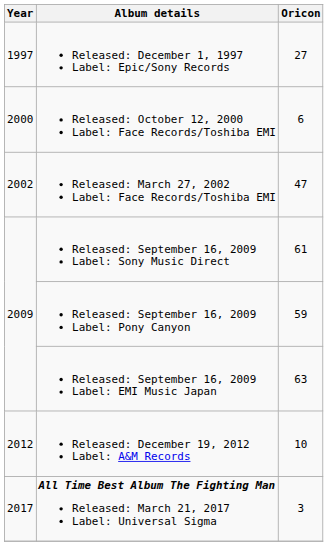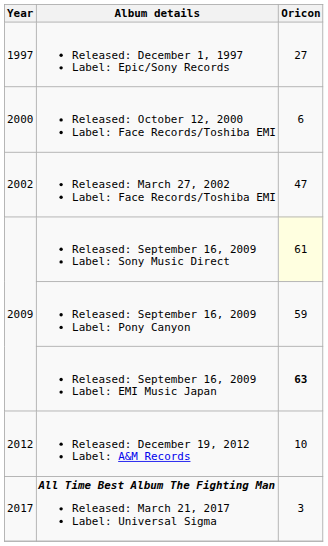 <table class="wikitable">
 <tr>
 <th>Year</th>
 <th>Album details</th>
 <th>Oricon</th>
 </tr>
 <tr>
 <td>1997</td>
 <td><br><ul><li>Released: December 1, 1997</li><li>Label: Epic/Sony Records</li></ul></td>
 <td align="center">27</td>
 </tr>
 <tr>
 <td>2000</td>
 <td><br><ul><li>Released: October 12, 2000</li><li>Label: Face Records/Toshiba EMI</li></ul></td>
 <td align="center">6</td>
 </tr>
 <tr>
 <td>2002</td>
 <td><br><ul><li>Released: March 27, 2002</li><li>Label: Face Records/Toshiba EMI</li></ul></td>
 <td align="center">47</td>
 </tr>
 <tr>
 <td rowspan="3">2009</td>
 <td><br><ul><li>Released: September 16, 2009</li><li>Label: Sony Music Direct</li></ul></td>
-<td align="center">61</td>
+<td align="center" style="background: lightyellow;">61</td>
 </tr>
 <tr>
 <td><br><ul><li>Released: September 16, 2009</li><li>Label: Pony Canyon</li></ul></td>
 <td align="center">59</td>
 </tr>
 <tr>
 <td><br><ul><li>Released: September 16, 2009</li><li>Label: EMI Music Japan</li></ul></td>
-<td align="center">63</td>
+<td align="center"><strong>63</strong></td>
 </tr>
 <tr>
 <td>2012</td>
 <td><br><ul><li>Released: December 19, 2012</li><li>Label: <a href='#'>A&M Records</a></li></ul></td>
 <td align="center">10</td>
 </tr>
 <tr>
 <td>2017</td>
 <td><strong><em>All Time Best Album The Fighting Man</em></strong><br><ul><li>Released: March 21, 2017</li><li>Label: Universal Sigma</li></ul></td>
 <td align="center">3</td>
 </tr>
 <tr>
 </tr>
 </table>
